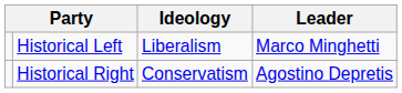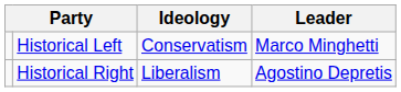 <table class=wikitable>
 <tr>
 <th colspan=2>Party</th>
 <th>Ideology</th>
 <th>Leader</th>
 </tr>
 <tr>
 <td></td>
 <td><a href='#'>Historical Left</a></td>
-<td><a href='#'>Liberalism</a></td>
+<td><a href='#'>Conservatism</a></td>
 <td><a href='#'>Marco Minghetti</a></td>
 </tr>
 <tr>
 <td></td>
 <td><a href='#'>Historical Right</a></td>
-<td><a href='#'>Conservatism</a></td>
+<td><a href='#'>Liberalism</a></td>
 <td><a href='#'>Agostino Depretis</a></td>
 </tr>
 </table>
